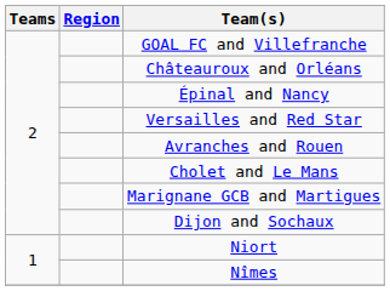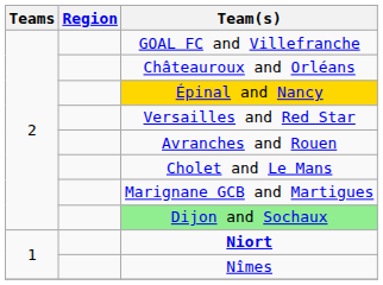 <table class="wikitable" style="text-align:center">
 <tr>
 <th>Teams</th>
 <th><a href='#'>Region</a></th>
 <th>Team(s)</th>
 </tr>
 <tr>
 <td rowspan="8">2</td>
 <td align="left"></td>
 <td><a href='#'>GOAL FC</a> and <a href='#'>Villefranche</a></td>
 </tr>
 <tr>
 <td align="left"></td>
 <td><a href='#'>Châteauroux</a> and <a href='#'>Orléans</a></td>
 </tr>
 <tr>
 <td align="left"></td>
-<td><a href='#'>Épinal</a> and <a href='#'>Nancy</a></td>
+<td style="background: gold;"><a href='#'>Épinal</a> and <a href='#'>Nancy</a></td>
 </tr>
 <tr>
 <td align="left"></td>
 <td><a href='#'>Versailles</a> and <a href='#'>Red Star</a></td>
 </tr>
 <tr>
 <td align="left"></td>
 <td><a href='#'>Avranches</a> and <a href='#'>Rouen</a></td>
 </tr>
 <tr>
 <td align="left"></td>
 <td><a href='#'>Cholet</a> and <a href='#'>Le Mans</a></td>
 </tr>
 <tr>
 <td align="left"></td>
 <td><a href='#'>Marignane GCB</a> and <a href='#'>Martigues</a></td>
 </tr>
 <tr>
 <td align="left"></td>
-<td><a href='#'>Dijon</a> and <a href='#'>Sochaux</a></td>
+<td style="background: lightgreen;"><a href='#'>Dijon</a> and <a href='#'>Sochaux</a></td>
 </tr>
 <tr>
 <td rowspan="2">1</td>
 <td align="left"></td>
-<td><a href='#'>Niort</a></td>
+<td><strong><a href='#'>Niort</a></strong></td>
 </tr>
 <tr>
 <td align="left"></td>
 <td><a href='#'>Nîmes</a></td>
 </tr>
 <tr>
 </tr>
 </table>
